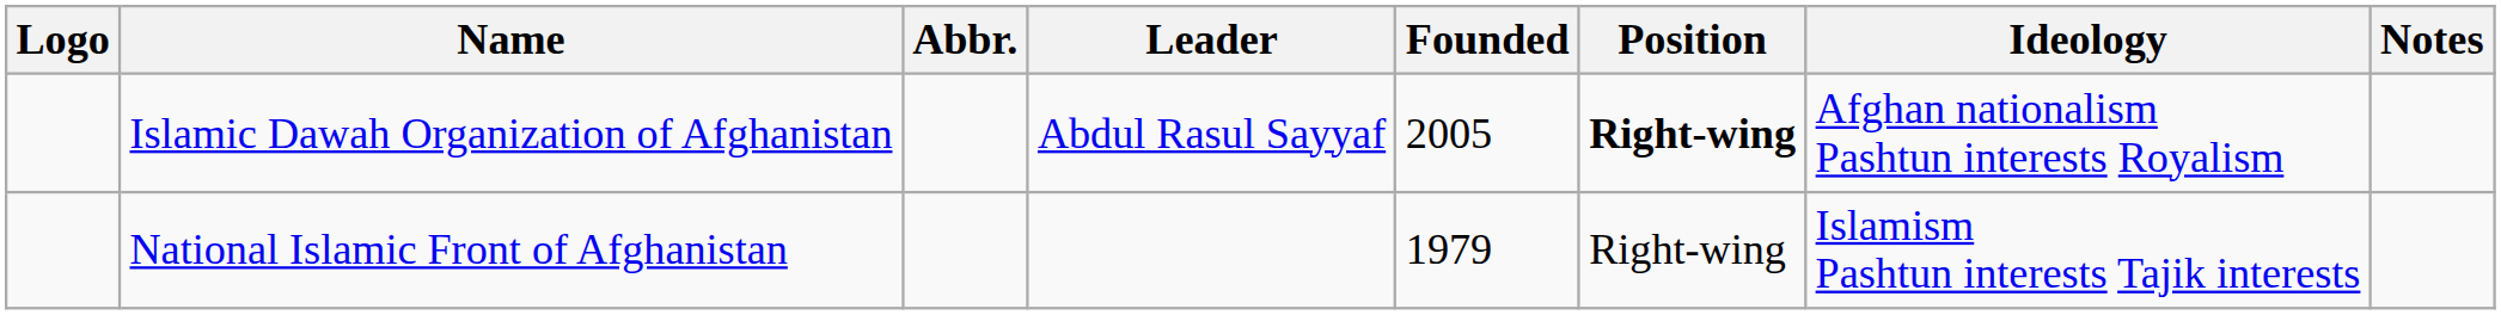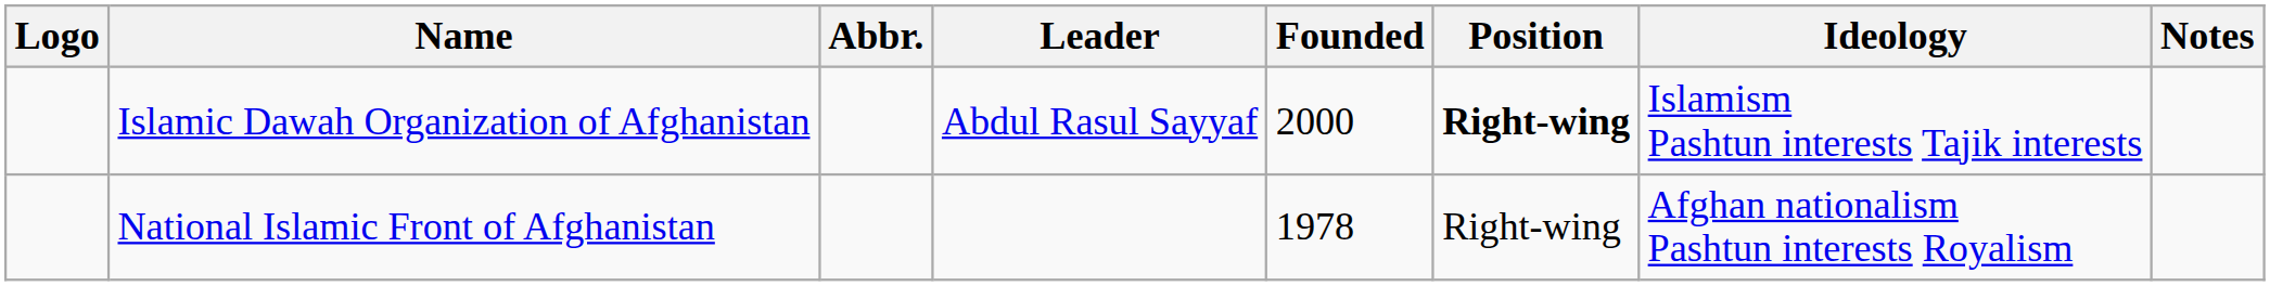 <table class="wikitable">
 <tr>
 <th>Logo</th>
 <th>Name</th>
 <th>Abbr.</th>
 <th>Leader</th>
 <th>Founded</th>
 <th>Position</th>
 <th>Ideology</th>
 <th>Notes</th>
 </tr>
 <tr>
 <td></td>
 <td><a href='#'>Islamic Dawah Organization of Afghanistan</a></td>
 <td></td>
 <td><a href='#'>Abdul Rasul Sayyaf</a></td>
-<td>2005</td>
+<td>2000</td>
 <td><strong>Right-wing</strong></td>
-<td><a href='#'>Afghan nationalism</a><br><a href='#'>Pashtun interests</a> <a href='#'>Royalism</a></td>
+<td><a href='#'>Islamism</a><br><a href='#'>Pashtun interests</a> <a href='#'>Tajik interests</a></td>
 <td></td>
 </tr>
 <tr>
 <td></td>
 <td><a href='#'>National Islamic Front of Afghanistan</a></td>
 <td></td>
 <td></td>
-<td>1979</td>
+<td>1978</td>
 <td>Right-wing</td>
-<td><a href='#'>Islamism</a><br><a href='#'>Pashtun interests</a> <a href='#'>Tajik interests</a></td>
+<td><a href='#'>Afghan nationalism</a><br><a href='#'>Pashtun interests</a> <a href='#'>Royalism</a></td>
 <td></td>
 </tr>
 </table>
